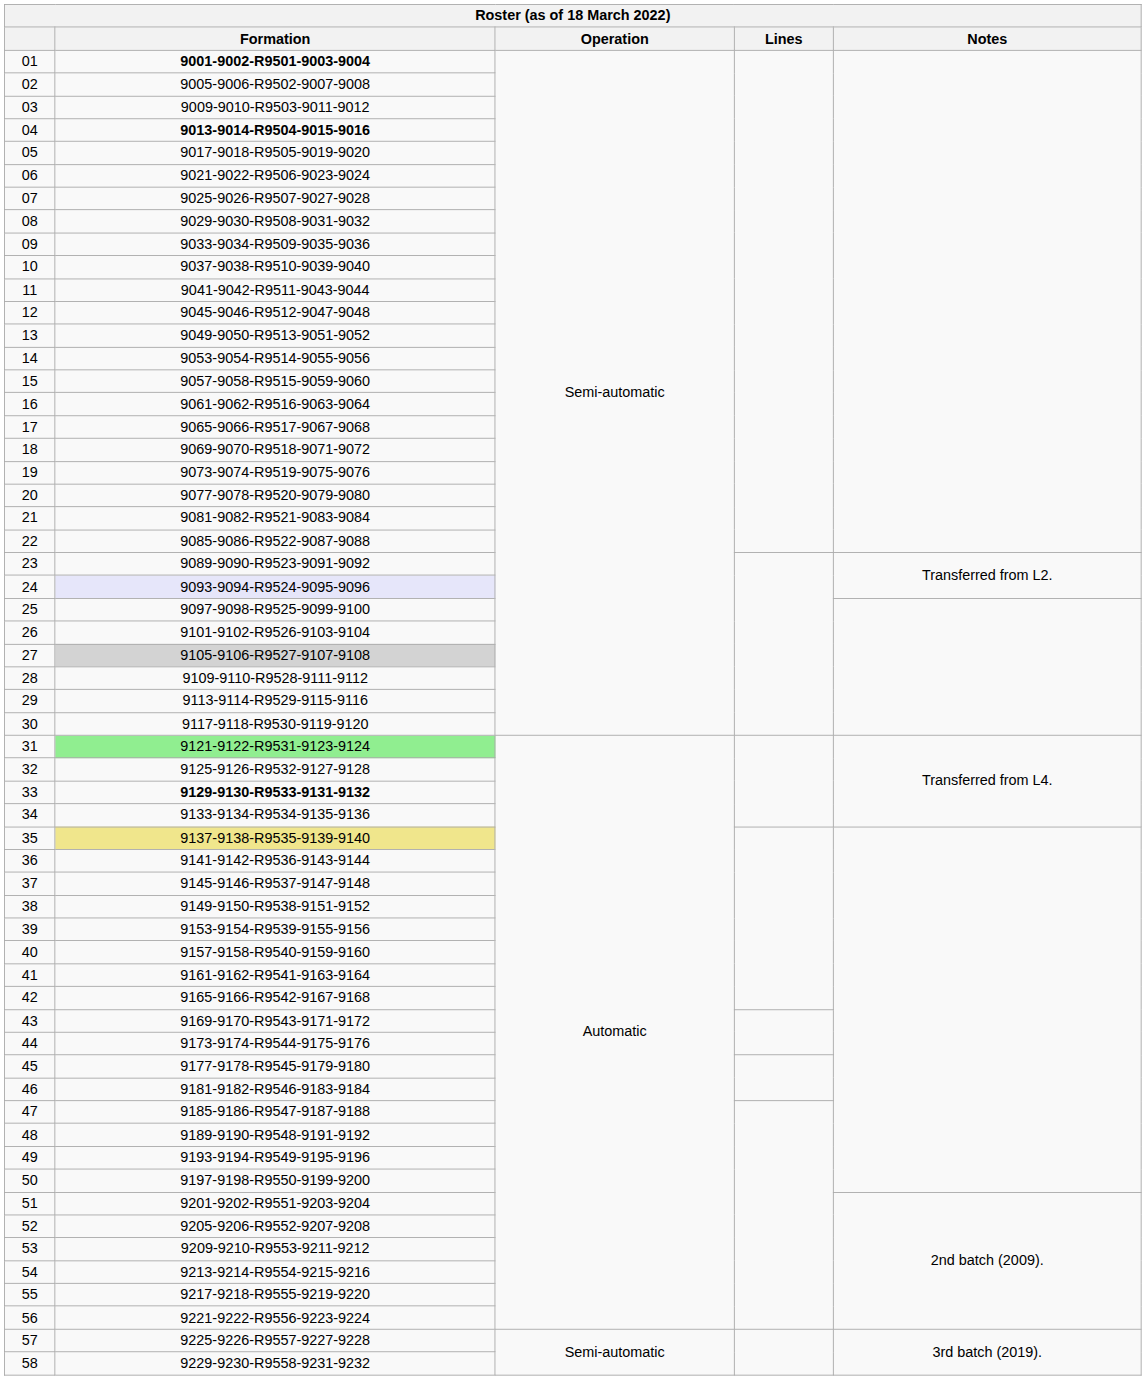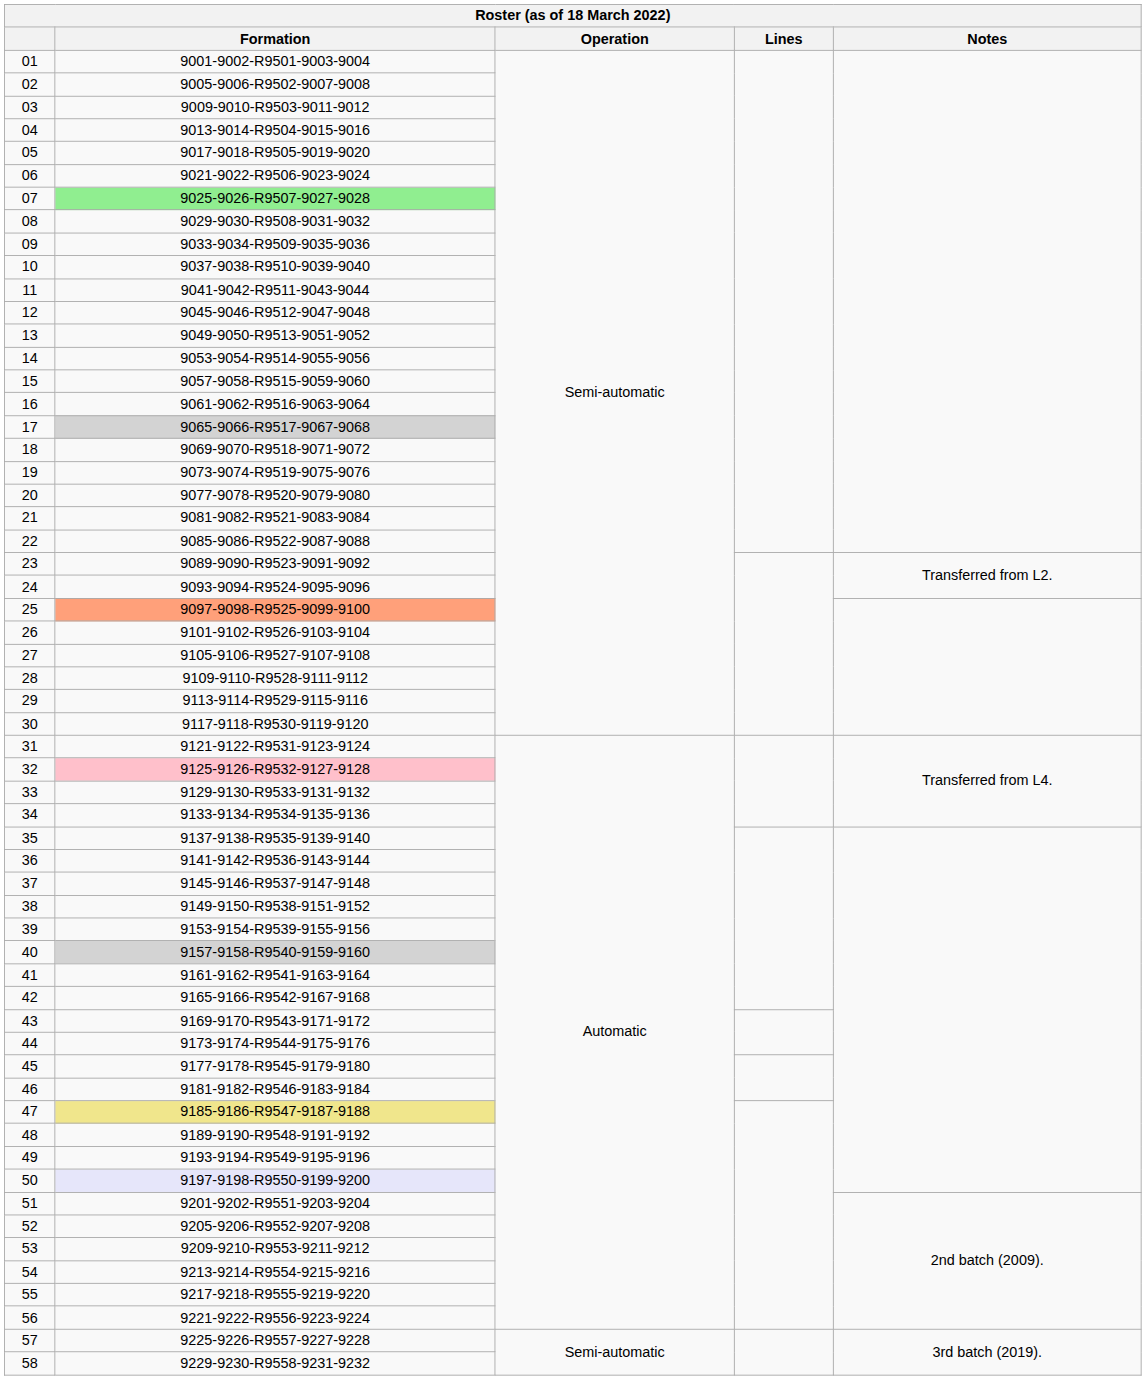 <table class="wikitable collapsible autocollapse" style="width: 100%; text-align: center;">
 <tr>
 <th colspan="5">Roster (as of 18 March 2022)</th>
 </tr>
 <tr>
 <th></th>
 <th>Formation</th>
 <th>Operation</th>
 <th>Lines</th>
 <th>Notes</th>
 </tr>
 <tr>
 <td>01</td>
-<td><strong>9001-9002-R9501-9003-9004</strong></td>
+<td>9001-9002-R9501-9003-9004</td>
 <td rowspan="30">Semi-automatic</td>
 <td rowspan="22"></td>
 <td rowspan="22"></td>
 </tr>
 <tr>
 <td>02</td>
 <td>9005-9006-R9502-9007-9008</td>
 </tr>
 <tr>
 <td>03</td>
 <td>9009-9010-R9503-9011-9012</td>
 </tr>
 <tr>
 <td>04</td>
-<td><strong>9013-9014-R9504-9015-9016</strong></td>
+<td>9013-9014-R9504-9015-9016</td>
 </tr>
 <tr>
 <td>05</td>
 <td>9017-9018-R9505-9019-9020</td>
 </tr>
 <tr>
 <td>06</td>
 <td>9021-9022-R9506-9023-9024</td>
 </tr>
 <tr>
 <td>07</td>
-<td>9025-9026-R9507-9027-9028</td>
+<td style="background: lightgreen;">9025-9026-R9507-9027-9028</td>
 </tr>
 <tr>
 <td>08</td>
 <td>9029-9030-R9508-9031-9032</td>
 </tr>
 <tr>
 <td>09</td>
 <td>9033-9034-R9509-9035-9036</td>
 </tr>
 <tr>
 <td>10</td>
 <td>9037-9038-R9510-9039-9040</td>
 </tr>
 <tr>
 <td>11</td>
 <td>9041-9042-R9511-9043-9044</td>
 </tr>
 <tr>
 <td>12</td>
 <td>9045-9046-R9512-9047-9048</td>
 </tr>
 <tr>
 <td>13</td>
 <td>9049-9050-R9513-9051-9052</td>
 </tr>
 <tr>
 <td>14</td>
 <td>9053-9054-R9514-9055-9056</td>
 </tr>
 <tr>
 <td>15</td>
 <td>9057-9058-R9515-9059-9060</td>
 </tr>
 <tr>
 <td>16</td>
 <td>9061-9062-R9516-9063-9064</td>
 </tr>
 <tr>
 <td>17</td>
-<td>9065-9066-R9517-9067-9068</td>
+<td style="background: lightgrey;">9065-9066-R9517-9067-9068</td>
 </tr>
 <tr>
 <td>18</td>
 <td>9069-9070-R9518-9071-9072</td>
 </tr>
 <tr>
 <td>19</td>
 <td>9073-9074-R9519-9075-9076</td>
 </tr>
 <tr>
 <td>20</td>
 <td>9077-9078-R9520-9079-9080</td>
 </tr>
 <tr>
 <td>21</td>
 <td>9081-9082-R9521-9083-9084</td>
 </tr>
 <tr>
 <td>22</td>
 <td>9085-9086-R9522-9087-9088</td>
 </tr>
 <tr>
 <td>23</td>
 <td>9089-9090-R9523-9091-9092</td>
 <td rowspan="8"></td>
 <td rowspan="2">Transferred from L2.</td>
 </tr>
 <tr>
 <td>24</td>
-<td style="background: lavender;">9093-9094-R9524-9095-9096</td>
+<td>9093-9094-R9524-9095-9096</td>
 </tr>
 <tr>
 <td>25</td>
-<td>9097-9098-R9525-9099-9100</td>
+<td style="background: lightsalmon;">9097-9098-R9525-9099-9100</td>
 <td rowspan="6"></td>
 </tr>
 <tr>
 <td>26</td>
 <td>9101-9102-R9526-9103-9104</td>
 </tr>
 <tr>
 <td>27</td>
-<td style="background: lightgrey;">9105-9106-R9527-9107-9108</td>
+<td>9105-9106-R9527-9107-9108</td>
 </tr>
 <tr>
 <td>28</td>
 <td>9109-9110-R9528-9111-9112</td>
 </tr>
 <tr>
 <td>29</td>
 <td>9113-9114-R9529-9115-9116</td>
 </tr>
 <tr>
 <td>30</td>
 <td>9117-9118-R9530-9119-9120</td>
 </tr>
 <tr>
 <td>31</td>
-<td style="background: lightgreen;">9121-9122-R9531-9123-9124</td>
+<td>9121-9122-R9531-9123-9124</td>
 <td rowspan="26">Automatic</td>
 <td rowspan="4"></td>
 <td rowspan="4">Transferred from L4.</td>
 </tr>
 <tr>
 <td>32</td>
-<td>9125-9126-R9532-9127-9128</td>
+<td style="background: pink;">9125-9126-R9532-9127-9128</td>
 </tr>
 <tr>
 <td>33</td>
-<td><strong>9129-9130-R9533-9131-9132</strong></td>
+<td>9129-9130-R9533-9131-9132</td>
 </tr>
 <tr>
 <td>34</td>
 <td>9133-9134-R9534-9135-9136</td>
 </tr>
 <tr>
 <td>35</td>
-<td style="background: khaki;">9137-9138-R9535-9139-9140</td>
+<td>9137-9138-R9535-9139-9140</td>
 <td rowspan="8"></td>
 <td rowspan="16"></td>
 </tr>
 <tr>
 <td>36</td>
 <td>9141-9142-R9536-9143-9144</td>
 </tr>
 <tr>
 <td>37</td>
 <td>9145-9146-R9537-9147-9148</td>
 </tr>
 <tr>
 <td>38</td>
 <td>9149-9150-R9538-9151-9152</td>
 </tr>
 <tr>
 <td>39</td>
 <td>9153-9154-R9539-9155-9156</td>
 </tr>
 <tr>
 <td>40</td>
-<td>9157-9158-R9540-9159-9160</td>
+<td style="background: lightgrey;">9157-9158-R9540-9159-9160</td>
 </tr>
 <tr>
 <td>41</td>
 <td>9161-9162-R9541-9163-9164</td>
 </tr>
 <tr>
 <td>42</td>
 <td>9165-9166-R9542-9167-9168</td>
 </tr>
 <tr>
 <td>43</td>
 <td>9169-9170-R9543-9171-9172</td>
 <td rowspan="2"></td>
 </tr>
 <tr>
 <td>44</td>
 <td>9173-9174-R9544-9175-9176</td>
 </tr>
 <tr>
 <td>45</td>
 <td>9177-9178-R9545-9179-9180</td>
 <td rowspan="2"></td>
 </tr>
 <tr>
 <td>46</td>
 <td>9181-9182-R9546-9183-9184</td>
 </tr>
 <tr>
 <td>47</td>
-<td>9185-9186-R9547-9187-9188</td>
+<td style="background: khaki;">9185-9186-R9547-9187-9188</td>
 <td rowspan="10"></td>
 </tr>
 <tr>
 <td>48</td>
 <td>9189-9190-R9548-9191-9192</td>
 </tr>
 <tr>
 <td>49</td>
 <td>9193-9194-R9549-9195-9196</td>
 </tr>
 <tr>
 <td>50</td>
-<td>9197-9198-R9550-9199-9200</td>
+<td style="background: lavender;">9197-9198-R9550-9199-9200</td>
 </tr>
 <tr>
 <td>51</td>
 <td>9201-9202-R9551-9203-9204</td>
 <td rowspan="6">2nd batch (2009).</td>
 </tr>
 <tr>
 <td>52</td>
 <td>9205-9206-R9552-9207-9208</td>
 </tr>
 <tr>
 <td>53</td>
 <td>9209-9210-R9553-9211-9212</td>
 </tr>
 <tr>
 <td>54</td>
 <td>9213-9214-R9554-9215-9216</td>
 </tr>
 <tr>
 <td>55</td>
 <td>9217-9218-R9555-9219-9220</td>
 </tr>
 <tr>
 <td>56</td>
 <td>9221-9222-R9556-9223-9224</td>
 </tr>
 <tr>
 <td>57</td>
 <td>9225-9226-R9557-9227-9228</td>
 <td rowspan="2">Semi-automatic</td>
 <td rowspan="2"></td>
 <td rowspan="2">3rd batch (2019).</td>
 </tr>
 <tr>
 <td>58</td>
 <td>9229-9230-R9558-9231-9232</td>
 </tr>
 </table>
